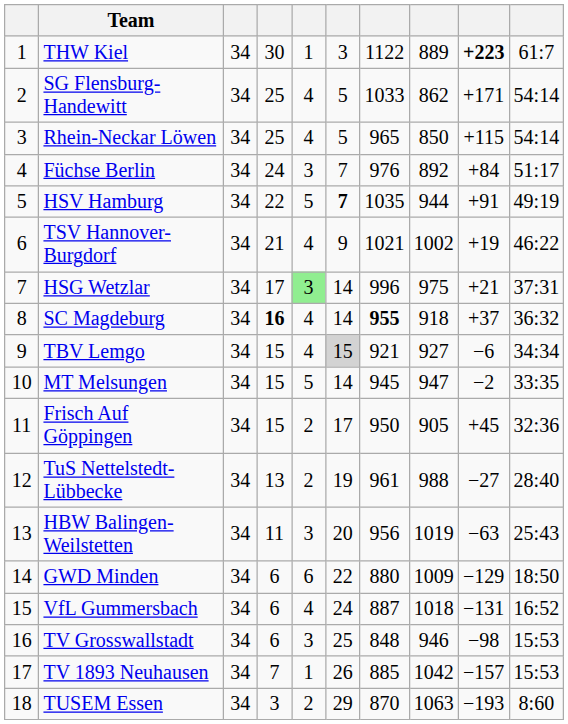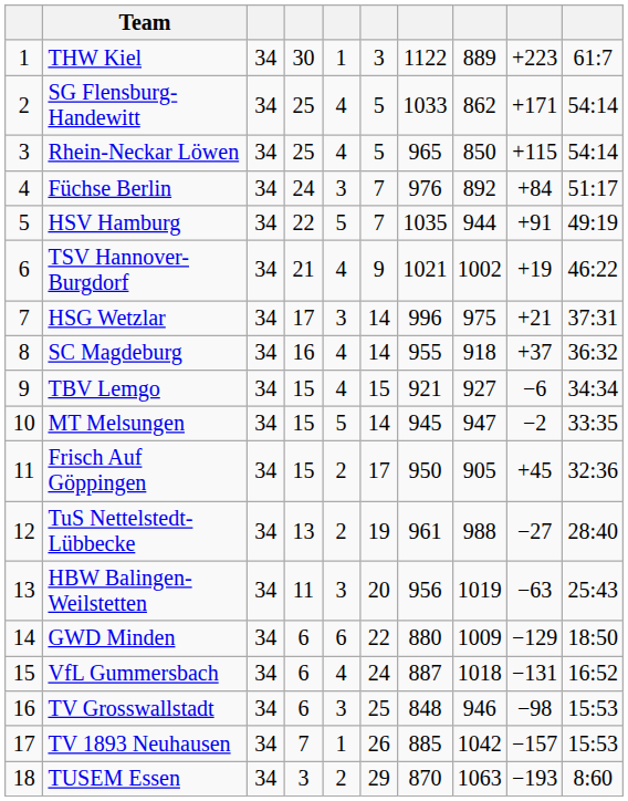 <table class="wikitable sortable" style="text-align: center;">
 <tr>
 <th width="20"></th>
 <th width="140">Team</th>
 <th width="20"></th>
 <th width="20"></th>
 <th width="20"></th>
 <th width="20"></th>
 <th width="20"></th>
 <th width="20"></th>
 <th width="20"></th>
 <th width="20"></th>
 </tr>
 <tr>
 <td>1</td>
 <td align=left><a href='#'>THW Kiel</a></td>
 <td>34</td>
 <td>30</td>
 <td>1</td>
 <td>3</td>
 <td>1122</td>
 <td>889</td>
-<td><strong>+223</strong></td>
+<td>+223</td>
 <td>61:7</td>
 </tr>
 <tr>
 <td>2</td>
 <td align=left><a href='#'>SG Flensburg-Handewitt</a></td>
 <td>34</td>
 <td>25</td>
 <td>4</td>
 <td>5</td>
 <td>1033</td>
 <td>862</td>
 <td>+171</td>
 <td>54:14</td>
 </tr>
 <tr>
 <td>3</td>
 <td align=left><a href='#'>Rhein-Neckar Löwen</a></td>
 <td>34</td>
 <td>25</td>
 <td>4</td>
 <td>5</td>
 <td>965</td>
 <td>850</td>
 <td>+115</td>
 <td>54:14</td>
 </tr>
 <tr>
 <td>4</td>
 <td align=left><a href='#'>Füchse Berlin</a></td>
 <td>34</td>
 <td>24</td>
 <td>3</td>
 <td>7</td>
 <td>976</td>
 <td>892</td>
 <td>+84</td>
 <td>51:17</td>
 </tr>
 <tr>
 <td>5</td>
 <td align=left><a href='#'>HSV Hamburg</a></td>
 <td>34</td>
 <td>22</td>
 <td>5</td>
-<td><strong>7</strong></td>
+<td>7</td>
 <td>1035</td>
 <td>944</td>
 <td>+91</td>
 <td>49:19</td>
 </tr>
 <tr>
 <td>6</td>
 <td align=left><a href='#'>TSV Hannover-Burgdorf</a></td>
 <td>34</td>
 <td>21</td>
 <td>4</td>
 <td>9</td>
 <td>1021</td>
 <td>1002</td>
 <td>+19</td>
 <td>46:22</td>
 </tr>
 <tr>
 <td>7</td>
 <td align=left><a href='#'>HSG Wetzlar</a></td>
 <td>34</td>
 <td>17</td>
-<td style="background: lightgreen;">3</td>
+<td>3</td>
 <td>14</td>
 <td>996</td>
 <td>975</td>
 <td>+21</td>
 <td>37:31</td>
 </tr>
 <tr>
 <td>8</td>
 <td align=left><a href='#'>SC Magdeburg</a></td>
 <td>34</td>
-<td><strong>16</strong></td>
+<td>16</td>
 <td>4</td>
 <td>14</td>
-<td><strong>955</strong></td>
+<td>955</td>
 <td>918</td>
 <td>+37</td>
 <td>36:32</td>
 </tr>
 <tr>
 <td>9</td>
 <td align=left><a href='#'>TBV Lemgo</a></td>
 <td>34</td>
 <td>15</td>
 <td>4</td>
-<td style="background: lightgrey;">15</td>
+<td>15</td>
 <td>921</td>
 <td>927</td>
 <td>−6</td>
 <td>34:34</td>
 </tr>
 <tr>
 <td>10</td>
 <td align=left><a href='#'>MT Melsungen</a></td>
 <td>34</td>
 <td>15</td>
 <td>5</td>
 <td>14</td>
 <td>945</td>
 <td>947</td>
 <td>−2</td>
 <td>33:35</td>
 </tr>
 <tr>
 <td>11</td>
 <td align=left><a href='#'>Frisch Auf Göppingen</a></td>
 <td>34</td>
 <td>15</td>
 <td>2</td>
 <td>17</td>
 <td>950</td>
 <td>905</td>
 <td>+45</td>
 <td>32:36</td>
 </tr>
 <tr>
 <td>12</td>
 <td align=left><a href='#'>TuS Nettelstedt-Lübbecke</a></td>
 <td>34</td>
 <td>13</td>
 <td>2</td>
 <td>19</td>
 <td>961</td>
 <td>988</td>
 <td>−27</td>
 <td>28:40</td>
 </tr>
 <tr>
 <td>13</td>
 <td align=left><a href='#'>HBW Balingen-Weilstetten</a></td>
 <td>34</td>
 <td>11</td>
 <td>3</td>
 <td>20</td>
 <td>956</td>
 <td>1019</td>
 <td>−63</td>
 <td>25:43</td>
 </tr>
 <tr>
 <td>14</td>
 <td align=left><a href='#'>GWD Minden</a></td>
 <td>34</td>
 <td>6</td>
 <td>6</td>
 <td>22</td>
 <td>880</td>
 <td>1009</td>
 <td>−129</td>
 <td>18:50</td>
 </tr>
 <tr>
 <td>15</td>
 <td align=left><a href='#'>VfL Gummersbach</a></td>
 <td>34</td>
 <td>6</td>
 <td>4</td>
 <td>24</td>
 <td>887</td>
 <td>1018</td>
 <td>−131</td>
 <td>16:52</td>
 </tr>
 <tr>
 <td>16</td>
 <td align=left><a href='#'>TV Grosswallstadt</a></td>
 <td>34</td>
 <td>6</td>
 <td>3</td>
 <td>25</td>
 <td>848</td>
 <td>946</td>
 <td>−98</td>
 <td>15:53</td>
 </tr>
 <tr>
 <td>17</td>
 <td align=left><a href='#'>TV 1893 Neuhausen</a></td>
 <td>34</td>
 <td>7</td>
 <td>1</td>
 <td>26</td>
 <td>885</td>
 <td>1042</td>
 <td>−157</td>
 <td>15:53</td>
 </tr>
 <tr>
 <td>18</td>
 <td align=left><a href='#'>TUSEM Essen</a></td>
 <td>34</td>
 <td>3</td>
 <td>2</td>
 <td>29</td>
 <td>870</td>
 <td>1063</td>
 <td>−193</td>
 <td>8:60</td>
 </tr>
 </table>
